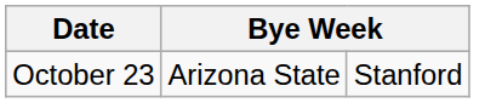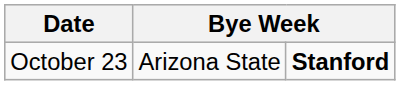 <table class="wikitable" style="font-size:95%;">
 <tr>
 <th>Date</th>
 <th colspan="2">Bye Week</th>
 </tr>
 <tr>
 <td>October 23</td>
 <td>Arizona State</td>
-<td>Stanford</td>
+<td><strong>Stanford</strong></td>
 </tr>
 </table>
